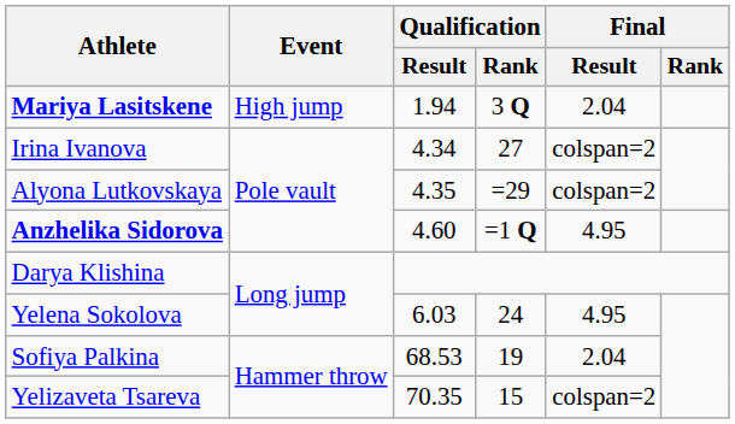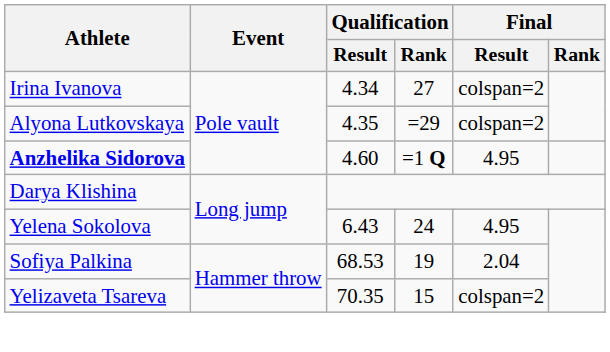 <table class=wikitable style=font-size:90%>
 <tr>
 <th rowspan=2>Athlete</th>
 <th rowspan=2>Event</th>
 <th colspan=2>Qualification</th>
 <th colspan=2>Final</th>
 </tr>
 <tr style=font-size:95%>
 <th>Result</th>
 <th>Rank</th>
 <th>Result</th>
 <th>Rank</th>
-</tr>
-<tr align=center>
-<td align=left><strong><a href='#'>Mariya Lasitskene</a></strong></td>
-<td align=left><a href='#'>High jump</a></td>
-<td>1.94</td>
-<td>3 <strong>Q</strong></td>
-<td>2.04</td>
-<td></td>
 </tr>
 <tr align=center>
 <td align=left><a href='#'>Irina Ivanova</a></td>
 <td align=left rowspan=3><a href='#'>Pole vault</a></td>
 <td>4.34</td>
 <td>27</td>
 <td>colspan=2 </td>
 </tr>
 <tr align=center>
 <td align=left><a href='#'>Alyona Lutkovskaya</a></td>
 <td>4.35</td>
 <td>=29</td>
 <td>colspan=2 </td>
 </tr>
 <tr align=center>
 <td align=left><strong><a href='#'>Anzhelika Sidorova</a></strong></td>
 <td>4.60</td>
 <td>=1 <strong>Q</strong></td>
 <td>4.95</td>
 <td></td>
 </tr>
 <tr align=center>
 <td align=left><a href='#'>Darya Klishina</a></td>
 <td align=left rowspan=2><a href='#'>Long jump</a></td>
 <td colspan=4></td>
 </tr>
 <tr align=center>
 <td align=left><a href='#'>Yelena Sokolova</a></td>
-<td>6.03</td>
+<td>6.43</td>
 <td>24</td>
 <td>4.95</td>
 </tr>
 <tr align=center>
 <td align=left><a href='#'>Sofiya Palkina</a></td>
 <td align=left rowspan=2><a href='#'>Hammer throw</a></td>
 <td>68.53</td>
 <td>19</td>
 <td>2.04</td>
 </tr>
 <tr align=center>
 <td align=left><a href='#'>Yelizaveta Tsareva</a></td>
 <td>70.35</td>
 <td>15</td>
 <td>colspan=2 </td>
 </tr>
 </table>
